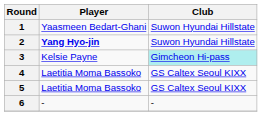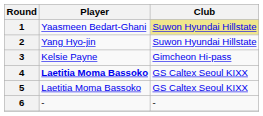 <table class=wikitable>
 <tr>
 <th>Round</th>
 <th>Player</th>
 <th>Club</th>
 </tr>
 <tr>
 <th>1</th>
 <td> <a href='#'>Yaasmeen Bedart-Ghani</a></td>
-<td><a href='#'> Suwon Hyundai Hillstate</a></td>
+<td style="background: khaki;"><a href='#'> Suwon Hyundai Hillstate</a></td>
 </tr>
 <tr>
 <th>2</th>
-<td><strong> <a href='#'>Yang Hyo-jin</a></strong></td>
+<td> <a href='#'>Yang Hyo-jin</a></td>
 <td><a href='#'> Suwon Hyundai Hillstate</a></td>
 </tr>
 <tr>
 <th>3</th>
 <td> <a href='#'>Kelsie Payne</a></td>
-<td style="background: paleturquoise;"><a href='#'>Gimcheon Hi-pass</a></td>
+<td><a href='#'>Gimcheon Hi-pass</a></td>
 </tr>
 <tr>
 <th>4</th>
-<td> <a href='#'>Laetitia Moma Bassoko</a></td>
+<td><strong> <a href='#'>Laetitia Moma Bassoko</a></strong></td>
 <td><a href='#'>GS Caltex Seoul KIXX</a></td>
 </tr>
 <tr>
 <th>5</th>
 <td> <a href='#'>Laetitia Moma Bassoko</a></td>
 <td><a href='#'>GS Caltex Seoul KIXX</a></td>
 </tr>
 <tr>
 <th>6</th>
 <td>-</td>
 <td>-</td>
 </tr>
 <tr>
 </tr>
 </table>
